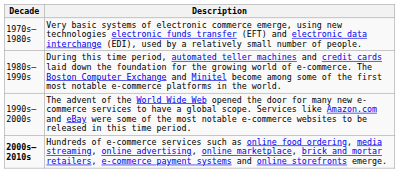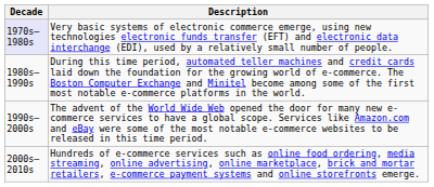 <table class="wikitable sortable">
 <tr>
 <th>Decade</th>
 <th>Description</th>
 </tr>
 <tr>
-<td>1970s–1980s</td>
+<td style="background: lavender;">1970s–1980s</td>
 <td>Very basic systems of electronic commerce emerge, using new technologies <a href='#'>electronic funds transfer</a> (EFT) and <a href='#'>electronic data interchange</a> (EDI), used by a relatively small number of people.</td>
 </tr>
 <tr>
 <td>1980s–1990s</td>
 <td>During this time period, <a href='#'>automated teller machines</a> and <a href='#'>credit cards</a> laid down the foundation for the growing world of e-commerce. The <a href='#'>Boston Computer Exchange</a> and <a href='#'>Minitel</a> become among some of the first most notable e-commerce platforms in the world.</td>
 </tr>
 <tr>
 <td>1990s–2000s</td>
 <td>The advent of the <a href='#'>World Wide Web</a> opened the door for many new e-commerce services to have a global scope. Services like <a href='#'>Amazon.com</a> and <a href='#'>eBay</a> were some of  the most notable e-commerce websites to be released in this time period.</td>
 </tr>
 <tr>
-<td><strong>2000s–2010s</strong></td>
+<td>2000s–2010s</td>
 <td>Hundreds of e-commerce services such as <a href='#'>online food ordering</a>, <a href='#'>media streaming</a>, <a href='#'>online advertising</a>, <a href='#'>online marketplace</a>, <a href='#'>brick and mortar retailers</a>, <a href='#'>e-commerce payment systems</a> and <a href='#'>online storefronts</a> emerge.</td>
 </tr>
 </table>
